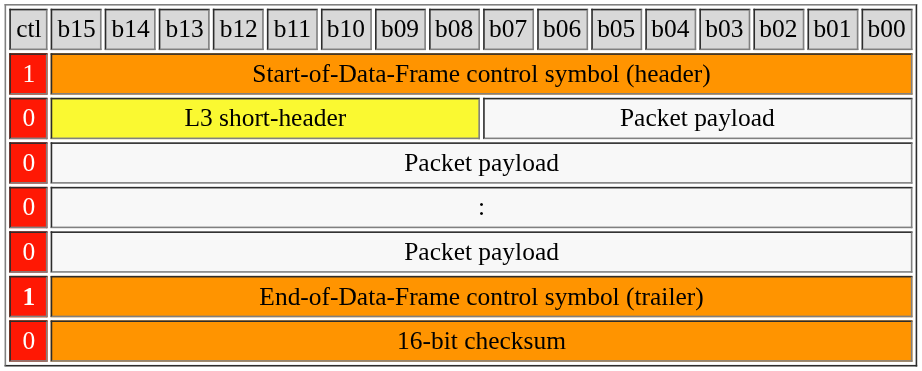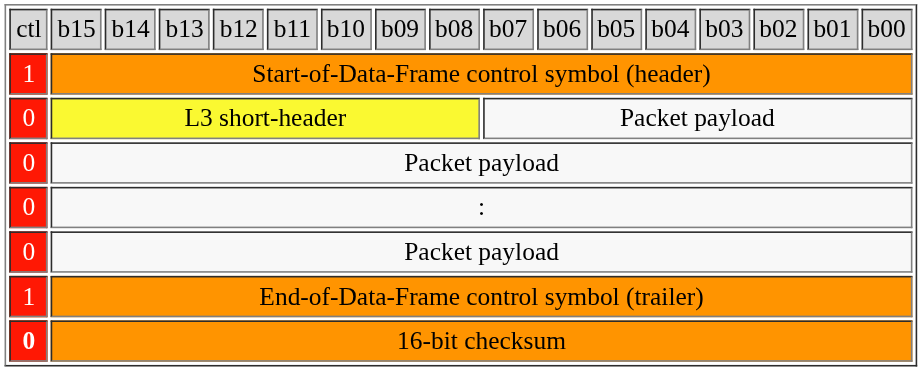 <table border="1" cellpadding="3" style="margin: 1em auto 1em auto">
 <tr style="background:#D8D8D8; color:black">
 <td align="center background:#FF1804;">ctl</td>
 <td>b15</td>
 <td>b14</td>
 <td>b13</td>
 <td>b12</td>
 <td>b11</td>
 <td>b10</td>
 <td>b09</td>
 <td>b08</td>
 <td>b07</td>
 <td>b06</td>
 <td>b05</td>
 <td>b04</td>
 <td>b03</td>
 <td>b02</td>
 <td>b01</td>
 <td>b00</td>
 </tr>
 <tr style="background:#FF9400; color:black" align="center">
 <td style="background:#FF1804; color:white">1</td>
 <td colspan="16">Start-of-Data-Frame control symbol (header)</td>
 </tr>
 <tr style="background:#F8F8F8; color:black" align="center">
 <td style="background:#FF1804; color:white">0</td>
 <td colspan="8" style="background:#FAF931">L3 short-header</td>
 <td colspan="8">Packet payload</td>
 </tr>
 <tr style="background:#F8F8F8; color:black" align="center">
 <td style="background:#FF1804; color:white">0</td>
 <td colspan="16">Packet payload</td>
 </tr>
 <tr style="background:#F8F8F8; color:black" align="center">
 <td style="background:#FF1804; color:white">0</td>
 <td colspan="16">:</td>
 </tr>
 <tr style="background:#F8F8F8; color:black" align="center">
 <td style="background:#FF1804; color:white">0</td>
 <td colspan="16">Packet payload</td>
 </tr>
 <tr style="background:#FF9400; color:black" align="center">
-<td style="background:#FF1804; color:white"><strong>1</strong></td>
+<td style="background:#FF1804; color:white">1</td>
 <td colspan="16">End-of-Data-Frame control symbol (trailer)</td>
 </tr>
 <tr style="background:#FF9400; color:black" align="center">
-<td style="background:#FF1804; color:white">0</td>
+<td style="background:#FF1804; color:white"><strong>0</strong></td>
 <td colspan="16">16-bit checksum</td>
 </tr>
 </table>
